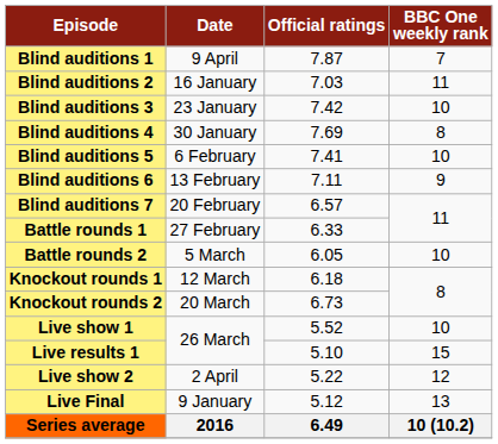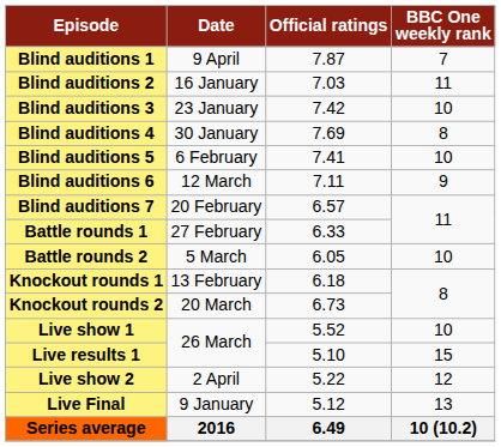 <table class="wikitable" style="text-align:center; background:#f9f9f9; line-height:16px;">
 <tr>
 <th Style="background:#8b1c10; color:white;">Episode</th>
 <th style="background:#8b1c10; color:white;">Date</th>
 <th style="background:#8b1c10; color:white;">Official ratings<br><small></small></th>
 <th style="background:#8b1c10; color:white;">BBC One<br>weekly rank</th>
 </tr>
 <tr>
 <td style="background:#FFF380"><strong>Blind auditions 1</strong></td>
 <td rowspan=1>9 April</td>
 <td>7.87</td>
 <td>7</td>
 </tr>
 <tr>
 <td style="background:#FFF380"><strong>Blind auditions 2</strong></td>
 <td>16 January</td>
 <td>7.03</td>
 <td>11</td>
 </tr>
 <tr>
 <td style="background:#FFF380"><strong>Blind auditions 3</strong></td>
 <td>23 January</td>
 <td>7.42</td>
 <td>10</td>
 </tr>
 <tr>
 <td style="background:#FFF380"><strong>Blind auditions 4</strong></td>
 <td>30 January</td>
 <td>7.69</td>
 <td>8</td>
 </tr>
 <tr>
 <td style="background:#FFF380"><strong>Blind auditions 5</strong></td>
 <td>6 February</td>
 <td>7.41</td>
 <td>10</td>
 </tr>
 <tr>
 <td style="background:#FFF380"><strong>Blind auditions 6</strong></td>
-<td>13 February</td>
+<td>12 March</td>
 <td>7.11</td>
 <td>9</td>
 </tr>
 <tr>
 <td style="background:#FFF380"><strong>Blind auditions 7</strong></td>
 <td>20 February</td>
 <td>6.57</td>
 <td rowspan="2">11</td>
 </tr>
 <tr>
 <td style="background:#FFF380"><strong>Battle rounds 1</strong></td>
 <td>27  February</td>
 <td>6.33</td>
 </tr>
 <tr>
 <td style="background:#FFF380"><strong>Battle rounds 2</strong></td>
 <td>5 March</td>
 <td>6.05</td>
 <td>10</td>
 </tr>
 <tr>
 <td style="background:#FFF380"><strong>Knockout rounds 1</strong></td>
-<td>12 March</td>
+<td>13 February</td>
 <td>6.18</td>
 <td rowspan="2">8</td>
 </tr>
 <tr>
 <td style="background:#FFF380"><strong>Knockout rounds 2 </strong></td>
 <td>20 March</td>
 <td>6.73</td>
 </tr>
 <tr>
 <td style="background:#FFF380"><strong>Live show 1</strong></td>
 <td rowspan=2>26 March</td>
 <td>5.52</td>
 <td>10</td>
 </tr>
 <tr>
 <td style="background:#FFF380"><strong>Live results 1 </strong></td>
 <td>5.10</td>
 <td>15</td>
 </tr>
 <tr>
 <td style="background:#FFF380"><strong>Live show 2 </strong></td>
 <td rowspan=1>2 April</td>
 <td>5.22</td>
 <td>12</td>
 </tr>
 <tr>
 <td style="background:#FFF380"><strong>Live Final </strong></td>
 <td>9 January</td>
 <td>5.12</td>
 <td>13</td>
 </tr>
 <tr>
 <th style="background:#f60;"><strong>Series average</strong></th>
 <th><strong>2016</strong></th>
 <th><strong>6.49</strong></th>
 <th><strong>10 (10.2)</strong></th>
 </tr>
 <tr>
 </tr>
 </table>
